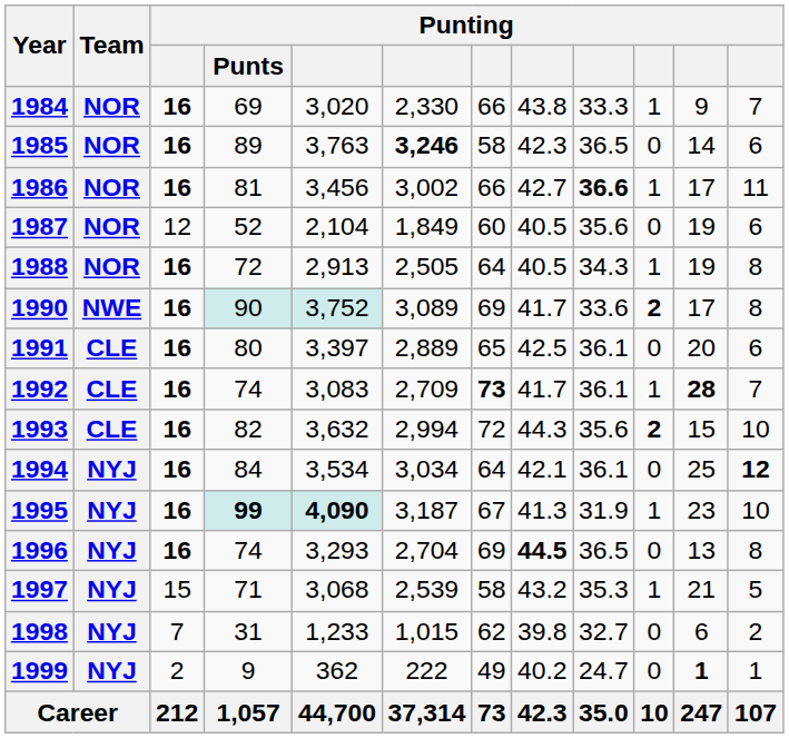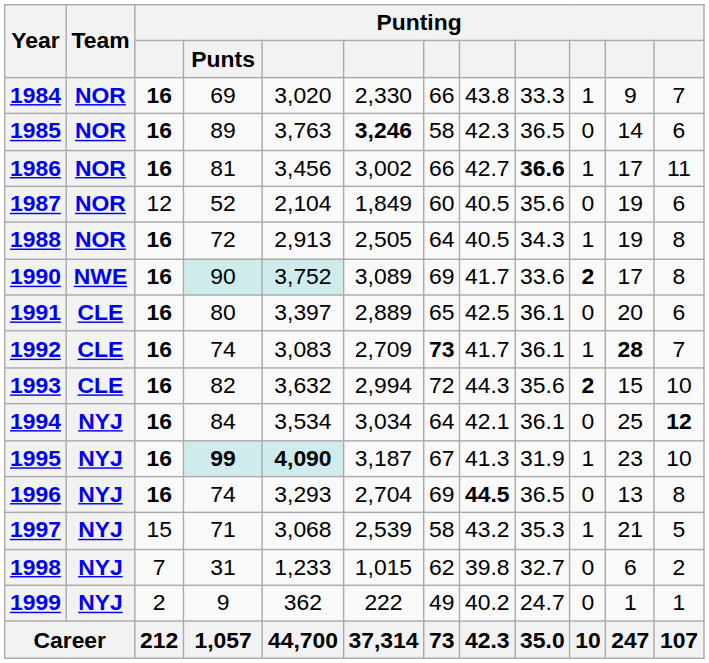 <table class=wikitable style="text-align:center;">
 <tr>
 <th rowspan="2">Year</th>
 <th rowspan="2">Team</th>
 <th colspan="10">Punting</th>
 </tr>
 <tr>
 <th></th>
 <th>Punts</th>
 <th></th>
 <th></th>
 <th></th>
 <th></th>
 <th></th>
 <th></th>
 <th></th>
 <th></th>
 </tr>
 <tr>
 <th><a href='#'>1984</a></th>
 <th><a href='#'>NOR</a></th>
 <td><strong>16</strong></td>
 <td>69</td>
 <td>3,020</td>
 <td>2,330</td>
 <td>66</td>
 <td>43.8</td>
 <td>33.3</td>
 <td>1</td>
 <td>9</td>
 <td>7</td>
 </tr>
 <tr>
 <th><a href='#'>1985</a></th>
 <th><a href='#'>NOR</a></th>
 <td><strong>16</strong></td>
 <td>89</td>
 <td>3,763</td>
 <td><strong>3,246</strong></td>
 <td>58</td>
 <td>42.3</td>
 <td>36.5</td>
 <td>0</td>
 <td>14</td>
 <td>6</td>
 </tr>
 <tr>
 <th><a href='#'>1986</a></th>
 <th><a href='#'>NOR</a></th>
 <td><strong>16</strong></td>
 <td>81</td>
 <td>3,456</td>
 <td>3,002</td>
 <td>66</td>
 <td>42.7</td>
 <td><strong>36.6</strong></td>
 <td>1</td>
 <td>17</td>
 <td>11</td>
 </tr>
 <tr>
 <th><a href='#'>1987</a></th>
 <th><a href='#'>NOR</a></th>
 <td>12</td>
 <td>52</td>
 <td>2,104</td>
 <td>1,849</td>
 <td>60</td>
 <td>40.5</td>
 <td>35.6</td>
 <td>0</td>
 <td>19</td>
 <td>6</td>
 </tr>
 <tr>
 <th><a href='#'>1988</a></th>
 <th><a href='#'>NOR</a></th>
 <td><strong>16</strong></td>
 <td>72</td>
 <td>2,913</td>
 <td>2,505</td>
 <td>64</td>
 <td>40.5</td>
 <td>34.3</td>
 <td>1</td>
 <td>19</td>
 <td>8</td>
 </tr>
 <tr>
 <th><a href='#'>1990</a></th>
 <th><a href='#'>NWE</a></th>
 <td><strong>16</strong></td>
 <td style="background:#cfecec; width:3em;">90</td>
 <td style="background:#cfecec; width:3em;">3,752</td>
 <td>3,089</td>
 <td>69</td>
 <td>41.7</td>
 <td>33.6</td>
 <td><strong>2</strong></td>
 <td>17</td>
 <td>8</td>
 </tr>
 <tr>
 <th><a href='#'>1991</a></th>
 <th><a href='#'>CLE</a></th>
 <td><strong>16</strong></td>
 <td>80</td>
 <td>3,397</td>
 <td>2,889</td>
 <td>65</td>
 <td>42.5</td>
 <td>36.1</td>
 <td>0</td>
 <td>20</td>
 <td>6</td>
 </tr>
 <tr>
 <th><a href='#'>1992</a></th>
 <th><a href='#'>CLE</a></th>
 <td><strong>16</strong></td>
 <td>74</td>
 <td>3,083</td>
 <td>2,709</td>
 <td><strong>73</strong></td>
 <td>41.7</td>
 <td>36.1</td>
 <td>1</td>
 <td><strong>28</strong></td>
 <td>7</td>
 </tr>
 <tr>
 <th><a href='#'>1993</a></th>
 <th><a href='#'>CLE</a></th>
 <td><strong>16</strong></td>
 <td>82</td>
 <td>3,632</td>
 <td>2,994</td>
 <td>72</td>
 <td>44.3</td>
 <td>35.6</td>
 <td><strong>2</strong></td>
 <td>15</td>
 <td>10</td>
 </tr>
 <tr>
 <th><a href='#'>1994</a></th>
 <th><a href='#'>NYJ</a></th>
 <td><strong>16</strong></td>
 <td>84</td>
 <td>3,534</td>
 <td>3,034</td>
 <td>64</td>
 <td>42.1</td>
 <td>36.1</td>
 <td>0</td>
 <td>25</td>
 <td><strong>12</strong></td>
 </tr>
 <tr>
 <th><a href='#'>1995</a></th>
 <th><a href='#'>NYJ</a></th>
 <td><strong>16</strong></td>
 <td style="background:#cfecec; width:3em;"><strong>99</strong></td>
 <td style="background:#cfecec; width:3em;"><strong>4,090</strong></td>
 <td>3,187</td>
 <td>67</td>
 <td>41.3</td>
 <td>31.9</td>
 <td>1</td>
 <td>23</td>
 <td>10</td>
 </tr>
 <tr>
 <th><a href='#'>1996</a></th>
 <th><a href='#'>NYJ</a></th>
 <td><strong>16</strong></td>
 <td>74</td>
 <td>3,293</td>
 <td>2,704</td>
 <td>69</td>
 <td><strong>44.5</strong></td>
 <td>36.5</td>
 <td>0</td>
 <td>13</td>
 <td>8</td>
 </tr>
 <tr>
 <th><a href='#'>1997</a></th>
 <th><a href='#'>NYJ</a></th>
 <td>15</td>
 <td>71</td>
 <td>3,068</td>
 <td>2,539</td>
 <td>58</td>
 <td>43.2</td>
 <td>35.3</td>
 <td>1</td>
 <td>21</td>
 <td>5</td>
 </tr>
 <tr>
 <th><a href='#'>1998</a></th>
 <th><a href='#'>NYJ</a></th>
 <td>7</td>
 <td>31</td>
 <td>1,233</td>
 <td>1,015</td>
 <td>62</td>
 <td>39.8</td>
 <td>32.7</td>
 <td>0</td>
 <td>6</td>
 <td>2</td>
 </tr>
 <tr>
 <th><a href='#'>1999</a></th>
 <th><a href='#'>NYJ</a></th>
 <td>2</td>
 <td>9</td>
 <td>362</td>
 <td>222</td>
 <td>49</td>
 <td>40.2</td>
 <td>24.7</td>
 <td>0</td>
-<td><strong>1</strong></td>
+<td>1</td>
 <td>1</td>
 </tr>
 <tr>
 <th colspan="2">Career</th>
 <th>212</th>
 <th>1,057</th>
 <th>44,700</th>
 <th>37,314</th>
 <th>73</th>
 <th>42.3</th>
 <th>35.0</th>
 <th>10</th>
 <th>247</th>
 <th>107</th>
 </tr>
 </table>
